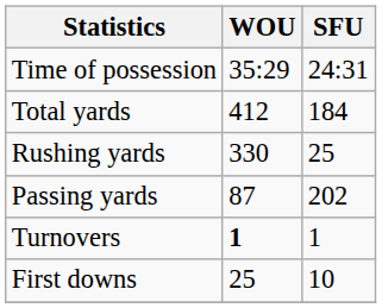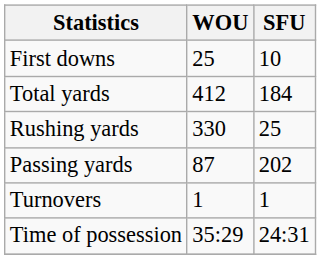 <table class="wikitable" style="float: left;">
 <tr>
 <th>Statistics</th>
 <th>WOU</th>
 <th>SFU</th>
 </tr>
 <tr>
-<td>Time of possession</td>
-<td>35:29</td>
-<td>24:31</td>
+<td>First downs</td>
+<td>25</td>
+<td>10</td>
 </tr>
 <tr>
 <td>Total yards</td>
 <td>412</td>
 <td>184</td>
 </tr>
 <tr>
 <td>Rushing yards</td>
 <td>330</td>
 <td>25</td>
 </tr>
 <tr>
 <td>Passing yards</td>
 <td>87</td>
 <td>202</td>
 </tr>
 <tr>
 <td>Turnovers</td>
-<td><strong>1</strong></td>
+<td>1</td>
 <td>1</td>
 </tr>
 <tr>
-<td>First downs</td>
-<td>25</td>
-<td>10</td>
+<td>Time of possession</td>
+<td>35:29</td>
+<td>24:31</td>
 </tr>
 <tr>
 </tr>
 </table>
